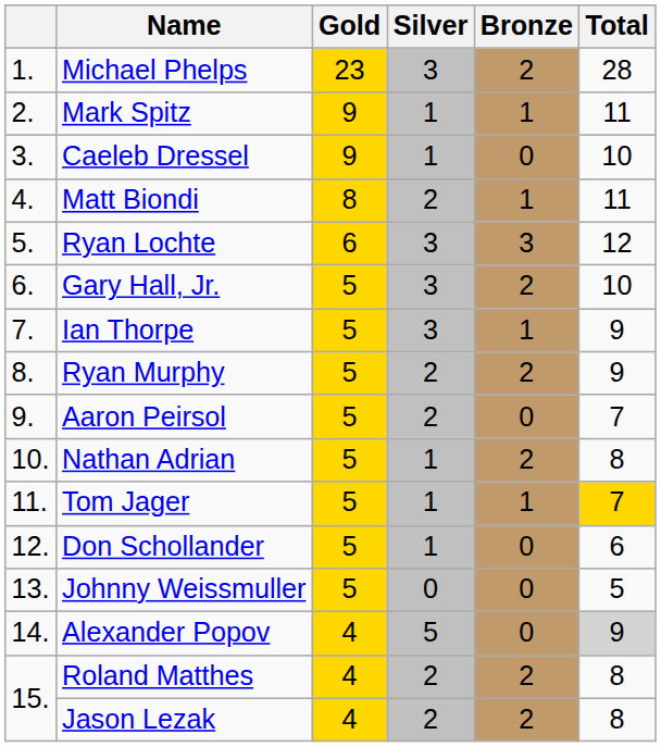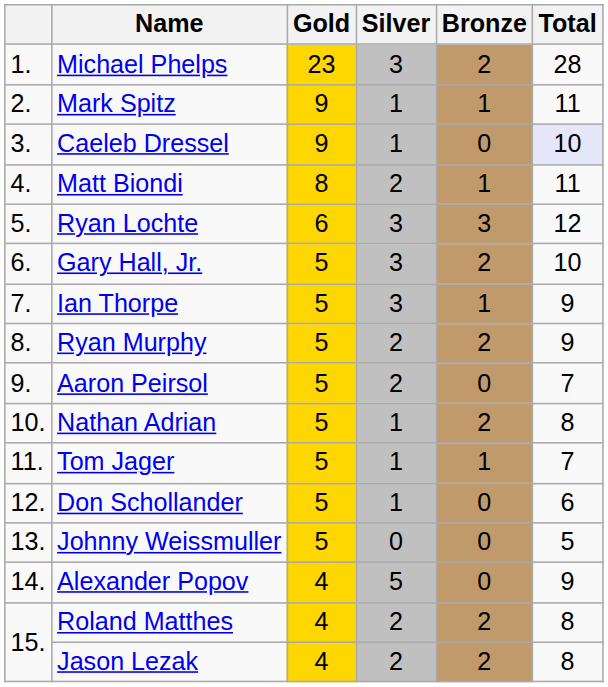 <table class="sortable wikitable">
 <tr>
 <th></th>
 <th>Name</th>
 <th>Gold</th>
 <th>Silver</th>
 <th>Bronze</th>
 <th>Total</th>
 </tr>
 <tr>
 <td>1.</td>
 <td> <a href='#'>Michael Phelps</a></td>
 <td bgcolor="gold" align="center">23</td>
 <td bgcolor="silver" align="center">3</td>
 <td bgcolor="#C19A6B" align="center">2</td>
 <td align="center">28</td>
 </tr>
 <tr>
 <td>2.</td>
 <td> <a href='#'>Mark Spitz</a></td>
 <td bgcolor="gold" align="center">9</td>
 <td bgcolor="silver" align="center">1</td>
 <td bgcolor="#C19A6B" align="center">1</td>
 <td align="center">11</td>
 </tr>
 <tr>
 <td>3.</td>
 <td> <a href='#'>Caeleb Dressel</a></td>
 <td bgcolor="gold" align="center">9</td>
 <td bgcolor="silver" align="center">1</td>
 <td bgcolor="#C19A6B" align="center">0</td>
-<td align="center">10</td>
+<td align="center" style="background: lavender;">10</td>
 </tr>
 <tr>
 <td>4.</td>
 <td> <a href='#'>Matt Biondi</a></td>
 <td bgcolor="gold" align="center">8</td>
 <td bgcolor="silver" align="center">2</td>
 <td bgcolor="#C19A6B" align="center">1</td>
 <td align="center">11</td>
 </tr>
 <tr>
 <td>5.</td>
 <td> <a href='#'>Ryan Lochte</a></td>
 <td bgcolor="gold" align="center">6</td>
 <td bgcolor="silver" align="center">3</td>
 <td bgcolor="#C19A6B" align="center">3</td>
 <td align="center">12</td>
 </tr>
 <tr>
 <td>6.</td>
 <td> <a href='#'>Gary Hall, Jr.</a></td>
 <td bgcolor="gold" align="center">5</td>
 <td bgcolor="silver" align="center">3</td>
 <td bgcolor="#C19A6B" align="center">2</td>
 <td align="center">10</td>
 </tr>
 <tr>
 <td>7.</td>
 <td> <a href='#'>Ian Thorpe</a></td>
 <td bgcolor="gold" align="center">5</td>
 <td bgcolor="silver" align="center">3</td>
 <td bgcolor="#C19A6B" align="center">1</td>
 <td align="center">9</td>
 </tr>
 <tr>
 <td>8.</td>
 <td> <a href='#'>Ryan Murphy</a></td>
 <td bgcolor="gold" align="center">5</td>
 <td bgcolor="silver" align="center">2</td>
 <td bgcolor="#C19A6B" align="center">2</td>
 <td align="center">9</td>
 </tr>
 <tr>
 <td>9.</td>
 <td> <a href='#'>Aaron Peirsol</a></td>
 <td bgcolor="gold" align="center">5</td>
 <td bgcolor="silver" align="center">2</td>
 <td bgcolor="#C19A6B" align="center">0</td>
 <td align="center">7</td>
 </tr>
 <tr>
 <td>10.</td>
 <td> <a href='#'>Nathan Adrian</a></td>
 <td bgcolor="gold" align="center">5</td>
 <td bgcolor="silver" align="center">1</td>
 <td bgcolor="#C19A6B" align="center">2</td>
 <td align="center">8</td>
 </tr>
 <tr>
 <td>11.</td>
 <td> <a href='#'>Tom Jager</a></td>
 <td bgcolor="gold" align="center">5</td>
 <td bgcolor="silver" align="center">1</td>
 <td bgcolor="#C19A6B" align="center">1</td>
-<td align="center" style="background: gold;">7</td>
+<td align="center">7</td>
 </tr>
 <tr>
 <td>12.</td>
 <td> <a href='#'>Don Schollander</a></td>
 <td bgcolor="gold" align="center">5</td>
 <td bgcolor="silver" align="center">1</td>
 <td bgcolor="#C19A6B" align="center">0</td>
 <td align="center">6</td>
 </tr>
 <tr>
 <td>13.</td>
 <td> <a href='#'>Johnny Weissmuller</a></td>
 <td bgcolor="gold" align="center">5</td>
 <td bgcolor="silver" align="center">0</td>
 <td bgcolor="#C19A6B" align="center">0</td>
 <td align="center">5</td>
 </tr>
 <tr>
 <td>14.</td>
 <td> <a href='#'>Alexander Popov</a></td>
 <td bgcolor="gold" align="center">4</td>
 <td bgcolor="silver" align="center">5</td>
 <td bgcolor="#C19A6B" align="center">0</td>
-<td align="center" style="background: lightgrey;">9</td>
+<td align="center">9</td>
 </tr>
 <tr>
 <td rowspan=2>15.</td>
 <td> <a href='#'>Roland Matthes</a></td>
 <td bgcolor="gold" align="center">4</td>
 <td bgcolor="silver" align="center">2</td>
 <td bgcolor="#C19A6B" align="center">2</td>
 <td align="center">8</td>
 </tr>
 <tr>
 <td> <a href='#'>Jason Lezak</a></td>
 <td bgcolor="gold" align="center">4</td>
 <td bgcolor="silver" align="center">2</td>
 <td bgcolor="#C19A6B" align="center">2</td>
 <td align="center">8</td>
 </tr>
 </table>
